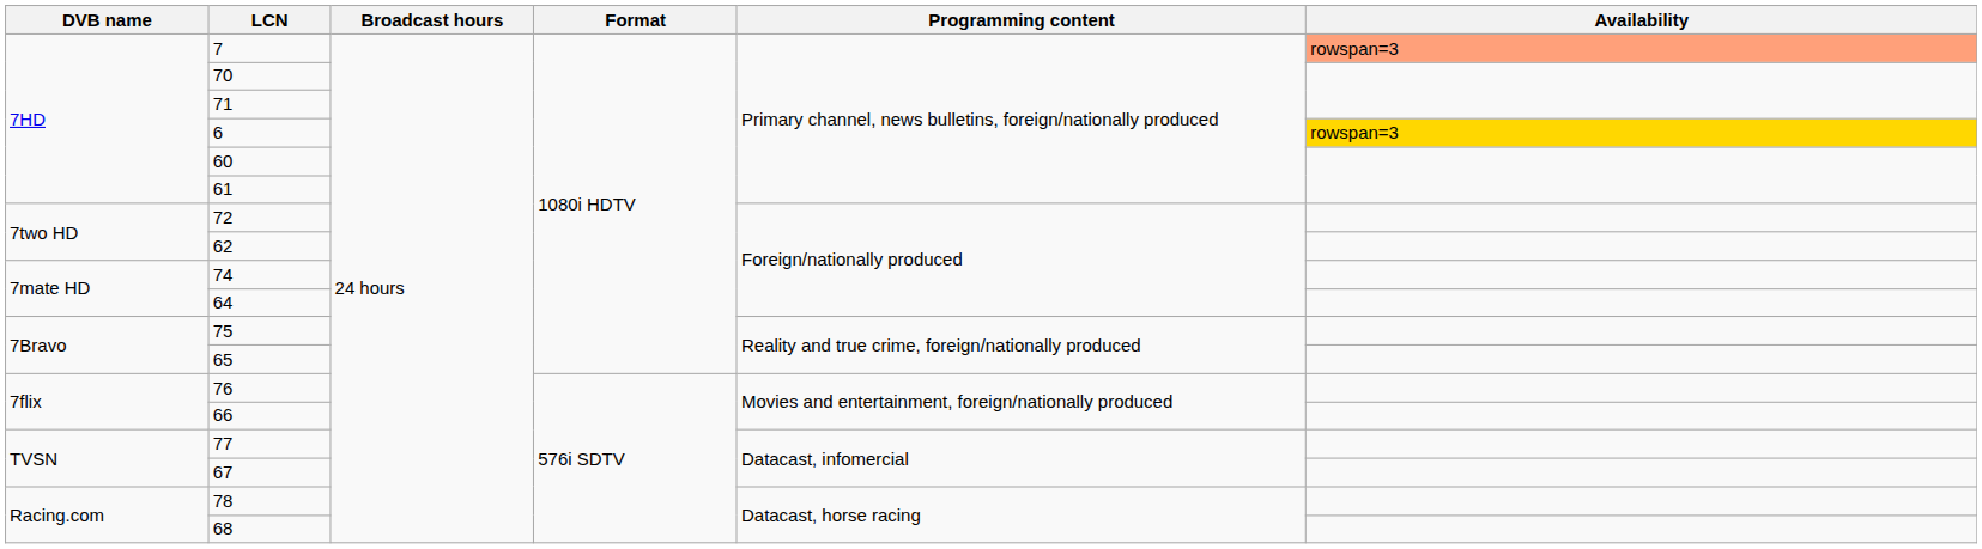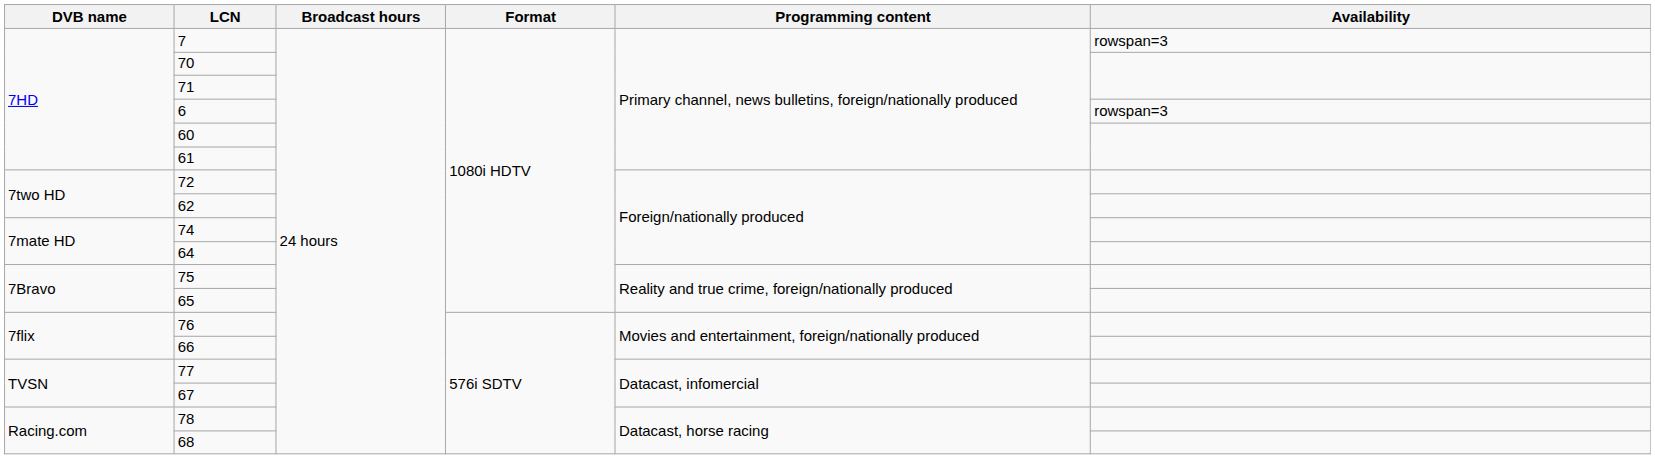 <table class="wikitable" style="font-size:90%; width:100%;">
 <tr>
 <th width="10%">DVB name</th>
 <th width="6%">LCN</th>
 <th width="10%">Broadcast hours</th>
 <th width="10%">Format</th>
 <th width="28%">Programming content</th>
 <th width="33%">Availability</th>
 </tr>
 <tr>
 <td rowspan=6><a href='#'>7HD</a></td>
 <td>7</td>
 <td rowspan=18>24 hours</td>
 <td rowspan=12>1080i HDTV<br></td>
 <td rowspan=6>Primary channel, news bulletins, foreign/nationally produced </td>
-<td style="background: lightsalmon;">rowspan=3 </td>
+<td>rowspan=3 </td>
 </tr>
 <tr>
 <td>70</td>
 </tr>
 <tr>
 <td>71</td>
 </tr>
 <tr>
 <td>6</td>
-<td style="background: gold;">rowspan=3 </td>
+<td>rowspan=3 </td>
 </tr>
 <tr>
 <td>60</td>
 </tr>
 <tr>
 <td>61</td>
 </tr>
 <tr>
 <td rowspan=2>7two HD</td>
 <td>72</td>
 <td rowspan=4>Foreign/nationally produced </td>
 <td></td>
 </tr>
 <tr>
 <td>62</td>
 <td></td>
 </tr>
 <tr>
 <td rowspan=2>7mate HD</td>
 <td>74</td>
 <td></td>
 </tr>
 <tr>
 <td>64</td>
 <td></td>
 </tr>
 <tr>
 <td rowspan=2>7Bravo</td>
 <td>75</td>
 <td rowspan=2>Reality and true crime, foreign/nationally produced </td>
 <td></td>
 </tr>
 <tr>
 <td>65</td>
 <td></td>
 </tr>
 <tr>
 <td rowspan=2>7flix</td>
 <td>76</td>
 <td rowspan=6>576i SDTV<br></td>
 <td rowspan=2>Movies and entertainment, foreign/nationally produced </td>
 <td></td>
 </tr>
 <tr>
 <td>66</td>
 <td></td>
 </tr>
 <tr>
 <td rowspan=2>TVSN</td>
 <td>77</td>
 <td rowspan=2>Datacast, infomercial </td>
 <td></td>
 </tr>
 <tr>
 <td>67</td>
 <td></td>
 </tr>
 <tr>
 <td rowspan=2>Racing.com</td>
 <td>78</td>
 <td rowspan=2>Datacast, horse racing </td>
 <td></td>
 </tr>
 <tr>
 <td>68</td>
 <td></td>
 </tr>
 </table>
